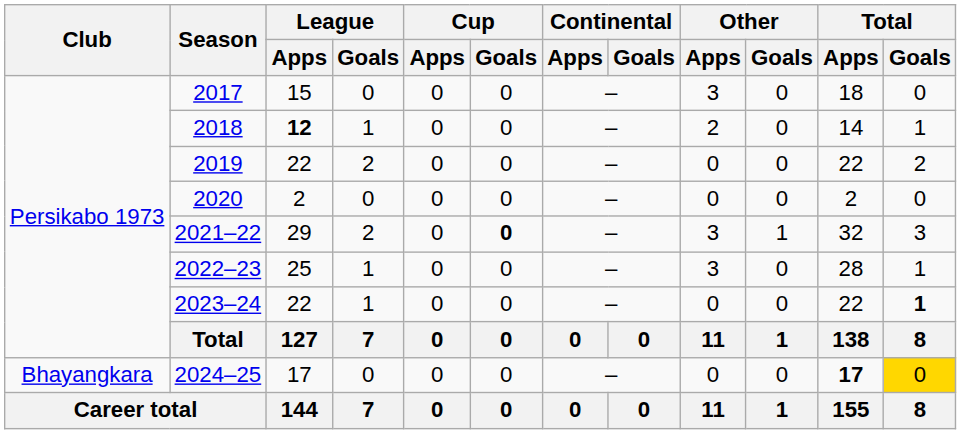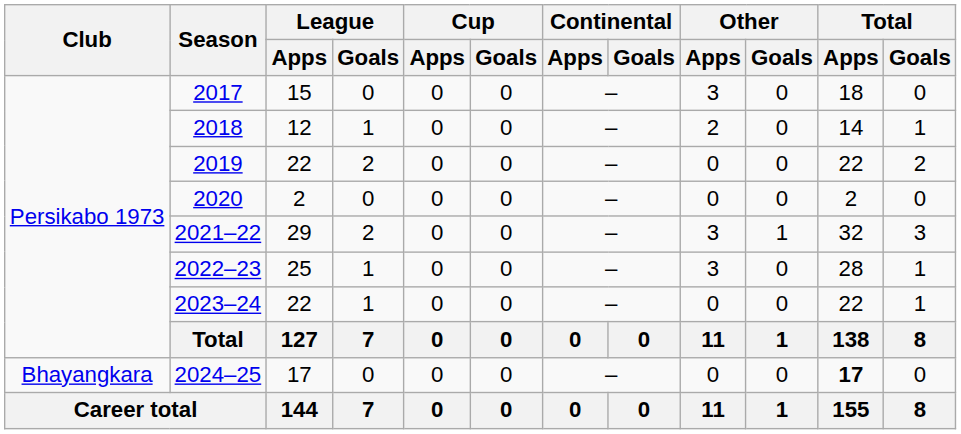 <table class="wikitable" style="text-align:center">
 <tr>
 <th rowspan="2">Club</th>
 <th rowspan="2">Season</th>
 <th colspan="2">League</th>
 <th colspan="2">Cup</th>
 <th colspan="2">Continental</th>
 <th colspan="2">Other</th>
 <th colspan="2">Total</th>
 </tr>
 <tr>
 <th>Apps</th>
 <th>Goals</th>
 <th>Apps</th>
 <th>Goals</th>
 <th>Apps</th>
 <th>Goals</th>
 <th>Apps</th>
 <th>Goals</th>
 <th>Apps</th>
 <th>Goals</th>
 </tr>
 <tr>
 <td rowspan="8" valign="center"><a href='#'>Persikabo 1973</a></td>
 <td><a href='#'>2017</a></td>
 <td>15</td>
 <td>0</td>
 <td>0</td>
 <td>0</td>
 <td colspan="2">–</td>
 <td>3</td>
 <td>0</td>
 <td>18</td>
 <td>0</td>
 </tr>
 <tr>
 <td><a href='#'>2018</a></td>
-<td><strong>12</strong></td>
+<td>12</td>
 <td>1</td>
 <td>0</td>
 <td>0</td>
 <td colspan="2">–</td>
 <td>2</td>
 <td>0</td>
 <td>14</td>
 <td>1</td>
 </tr>
 <tr>
 <td><a href='#'>2019</a></td>
 <td>22</td>
 <td>2</td>
 <td>0</td>
 <td>0</td>
 <td colspan="2">–</td>
 <td>0</td>
 <td>0</td>
 <td>22</td>
 <td>2</td>
 </tr>
 <tr>
 <td><a href='#'>2020</a></td>
 <td>2</td>
 <td>0</td>
 <td>0</td>
 <td>0</td>
 <td colspan="2">–</td>
 <td>0</td>
 <td>0</td>
 <td>2</td>
 <td>0</td>
 </tr>
 <tr>
 <td><a href='#'>2021–22</a></td>
 <td>29</td>
 <td>2</td>
 <td>0</td>
-<td><strong>0</strong></td>
+<td>0</td>
 <td colspan="2">–</td>
 <td>3</td>
 <td>1</td>
 <td>32</td>
 <td>3</td>
 </tr>
 <tr>
 <td><a href='#'>2022–23</a></td>
 <td>25</td>
 <td>1</td>
 <td>0</td>
 <td>0</td>
 <td colspan=2>–</td>
 <td>3</td>
 <td>0</td>
 <td>28</td>
 <td>1</td>
 </tr>
 <tr>
 <td><a href='#'>2023–24</a></td>
 <td>22</td>
 <td>1</td>
 <td>0</td>
 <td>0</td>
 <td colspan=2>–</td>
 <td>0</td>
 <td>0</td>
 <td>22</td>
-<td><strong>1</strong></td>
+<td>1</td>
 </tr>
 <tr>
 <th colspan="1">Total</th>
 <th>127</th>
 <th>7</th>
 <th>0</th>
 <th>0</th>
 <th>0</th>
 <th>0</th>
 <th>11</th>
 <th>1</th>
 <th>138</th>
 <th>8</th>
 </tr>
 <tr>
 <td rowspan="1" valign="center"><a href='#'>Bhayangkara</a></td>
 <td><a href='#'>2024–25</a></td>
 <td>17</td>
 <td>0</td>
 <td>0</td>
 <td>0</td>
 <td colspan="2">–</td>
 <td>0</td>
 <td>0</td>
 <td><strong>17</strong></td>
-<td style="background: gold;">0</td>
+<td>0</td>
 </tr>
 <tr>
 <th colspan="2">Career total</th>
 <th>144</th>
 <th>7</th>
 <th>0</th>
 <th>0</th>
 <th>0</th>
 <th>0</th>
 <th>11</th>
 <th>1</th>
 <th>155</th>
 <th>8</th>
 </tr>
 </table>
